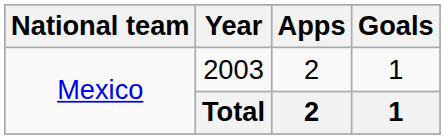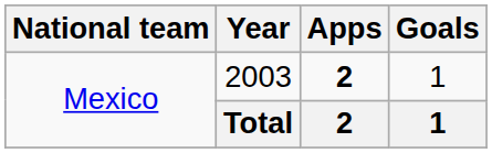 <table class="wikitable" style="text-align: center;">
 <tr>
 <th>National team</th>
 <th>Year</th>
 <th>Apps</th>
 <th>Goals</th>
 </tr>
 <tr>
 <td rowspan="2" valign="center"><a href='#'>Mexico</a></td>
 <td>2003</td>
-<td>2</td>
+<td><strong>2</strong></td>
 <td>1</td>
 </tr>
 <tr>
 <th colspan="1">Total</th>
 <th>2</th>
 <th>1</th>
 </tr>
 </table>
